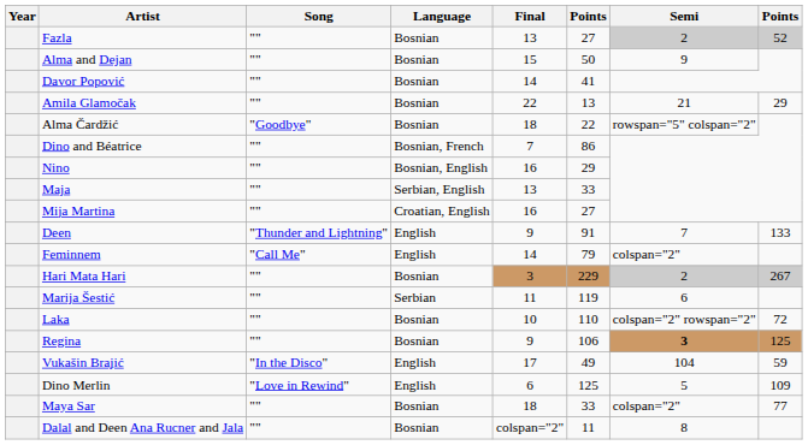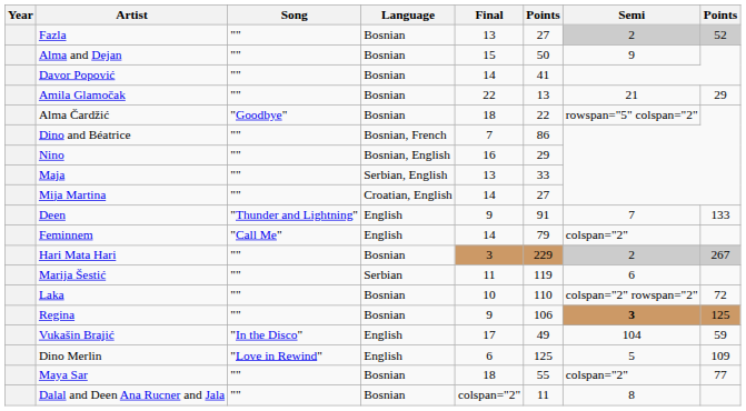 <table class="wikitable sortable plainrowheaders">
 <tr>
 <th scope="col">Year</th>
 <th scope="col">Artist</th>
 <th scope="col">Song</th>
 <th scope="col">Language</th>
 <th scope="col" data-sort-type="number">Final</th>
 <th scope="col" data-sort-type="number">Points</th>
 <th scope="col" data-sort-type="number">Semi</th>
 <th scope="col" data-sort-type="number">Points</th>
 </tr>
 <tr>
 <th scope="row" style="text-align:center;"></th>
 <td><a href='#'>Fazla</a></td>
 <td>""</td>
 <td>Bosnian</td>
 <td style="text-align:center;">13</td>
 <td style="text-align:center;">27</td>
 <td style="text-align:center; background-color:#CCC">2</td>
 <td style="text-align:center; background-color:#CCC">52</td>
 </tr>
 <tr>
 <th scope="row" style="text-align:center;"></th>
 <td><a href='#'>Alma</a> and <a href='#'>Dejan</a></td>
 <td>""</td>
 <td>Bosnian</td>
 <td style="text-align:center;">15</td>
 <td style="text-align:center;">50</td>
 <td style="text-align:center;">9</td>
 </tr>
 <tr>
 <th scope="row" style="text-align:center;"></th>
 <td><a href='#'>Davor Popović</a></td>
 <td>""</td>
 <td>Bosnian</td>
 <td style="text-align:center;">14</td>
 <td style="text-align:center;">41</td>
 </tr>
 <tr>
 <th scope="row" style="text-align:center;"></th>
 <td><a href='#'>Amila Glamočak</a></td>
 <td>""</td>
 <td>Bosnian</td>
 <td style="text-align:center;">22</td>
 <td style="text-align:center;">13</td>
 <td style="text-align:center;">21</td>
 <td style="text-align:center;">29</td>
 </tr>
 <tr>
 <th scope="row" style="text-align:center;"></th>
 <td>Alma Čardžić</td>
 <td>"<a href='#'>Goodbye</a>"</td>
 <td>Bosnian</td>
 <td style="text-align:center;">18</td>
 <td style="text-align:center;">22</td>
 <td>rowspan="5" colspan="2" </td>
 </tr>
 <tr>
 <th scope="row" style="text-align:center;"></th>
 <td><a href='#'>Dino</a> and Béatrice</td>
 <td>""</td>
 <td>Bosnian, French</td>
 <td style="text-align:center;">7</td>
 <td style="text-align:center;">86</td>
 </tr>
 <tr>
 <th scope="row" style="text-align:center;"></th>
 <td><a href='#'>Nino</a></td>
 <td>""</td>
 <td>Bosnian, English</td>
 <td style="text-align:center;">16</td>
 <td style="text-align:center;">29</td>
 </tr>
 <tr>
 <th scope="row" style="text-align:center;"></th>
 <td><a href='#'>Maja</a></td>
 <td>"" </td>
 <td>Serbian, English</td>
 <td style="text-align:center;">13</td>
 <td style="text-align:center;">33</td>
 </tr>
 <tr>
 <th scope="row" style="text-align:center;"></th>
 <td><a href='#'>Mija Martina</a></td>
 <td>""</td>
 <td>Croatian, English</td>
-<td style="text-align:center;">16</td>
+<td style="text-align:center;">14</td>
 <td style="text-align:center;">27</td>
 </tr>
 <tr>
 <th scope="row" style="text-align:center;"></th>
 <td><a href='#'>Deen</a></td>
 <td>"<a href='#'>Thunder and Lightning</a>"</td>
 <td>English</td>
 <td style="text-align:center;">9</td>
 <td style="text-align:center;">91</td>
 <td style="text-align:center;">7</td>
 <td style="text-align:center;">133</td>
 </tr>
 <tr>
 <th scope="row" style="text-align:center;"></th>
 <td><a href='#'>Feminnem</a></td>
 <td>"<a href='#'>Call Me</a>"</td>
 <td>English</td>
 <td style="text-align:center;">14</td>
 <td style="text-align:center;">79</td>
 <td>colspan="2" </td>
 </tr>
 <tr>
 <th scope="row" style="text-align:center;"></th>
 <td><a href='#'>Hari Mata Hari</a></td>
 <td>""</td>
 <td>Bosnian</td>
 <td style="text-align:center; background-color:#C96;">3</td>
 <td style="text-align:center; background-color:#C96;">229</td>
 <td style="text-align:center; background-color:#CCC;">2</td>
 <td style="text-align:center; background-color:#CCC;">267</td>
 </tr>
 <tr>
 <th scope="row" style="text-align:center;"></th>
 <td><a href='#'>Marija Šestić</a></td>
 <td>"" </td>
 <td>Serbian</td>
 <td style="text-align:center;">11</td>
 <td style="text-align:center;">119</td>
 <td style="text-align:center;">6</td>
 </tr>
 <tr>
 <th scope="row" style="text-align:center;"></th>
 <td><a href='#'>Laka</a></td>
 <td>""</td>
 <td>Bosnian</td>
 <td style="text-align:center;">10</td>
 <td style="text-align:center;">110</td>
 <td>colspan="2" rowspan="2" </td>
 <td style="text-align:center;">72</td>
 </tr>
 <tr>
 <th scope="row" style="text-align:center;"></th>
 <td><a href='#'>Regina</a></td>
 <td>""</td>
 <td>Bosnian</td>
 <td style="text-align:center;">9</td>
 <td style="text-align:center;">106</td>
 <td style="text-align:center; background-color:#C96;"><strong>3</strong></td>
 <td style="text-align:center; background-color:#C96;">125</td>
 </tr>
 <tr>
 <th scope="row" style="text-align:center;"></th>
 <td><a href='#'>Vukašin Brajić</a></td>
 <td>"<a href='#'>In the Disco</a>"</td>
 <td>English</td>
 <td style="text-align:center;">17</td>
 <td style="text-align:center;">49</td>
 <td style="text-align:center;">104</td>
 <td style="text-align:center;">59</td>
 </tr>
 <tr>
 <th scope="row" style="text-align:center;"></th>
 <td>Dino Merlin</td>
 <td>"<a href='#'>Love in Rewind</a>"</td>
 <td>English</td>
 <td style="text-align:center;">6</td>
 <td style="text-align:center;">125</td>
 <td style="text-align:center;">5</td>
 <td style="text-align:center;">109</td>
 </tr>
 <tr>
 <th scope="row" style="text-align:center;"></th>
 <td><a href='#'>Maya Sar</a></td>
 <td>""</td>
 <td>Bosnian</td>
 <td style="text-align:center;">18</td>
-<td style="text-align:center;">33</td>
+<td style="text-align:center;">55</td>
 <td>colspan="2" </td>
 <td style="text-align:center;">77</td>
 </tr>
 <tr>
 <th scope="row" style="text-align:center;"></th>
 <td><a href='#'>Dalal</a> and Deen  <a href='#'>Ana Rucner</a> and <a href='#'>Jala</a></td>
 <td>""</td>
 <td>Bosnian</td>
 <td>colspan="2" </td>
 <td style="text-align:center;">11</td>
 <td style="text-align:center;">8</td>
 </tr>
 </table>
